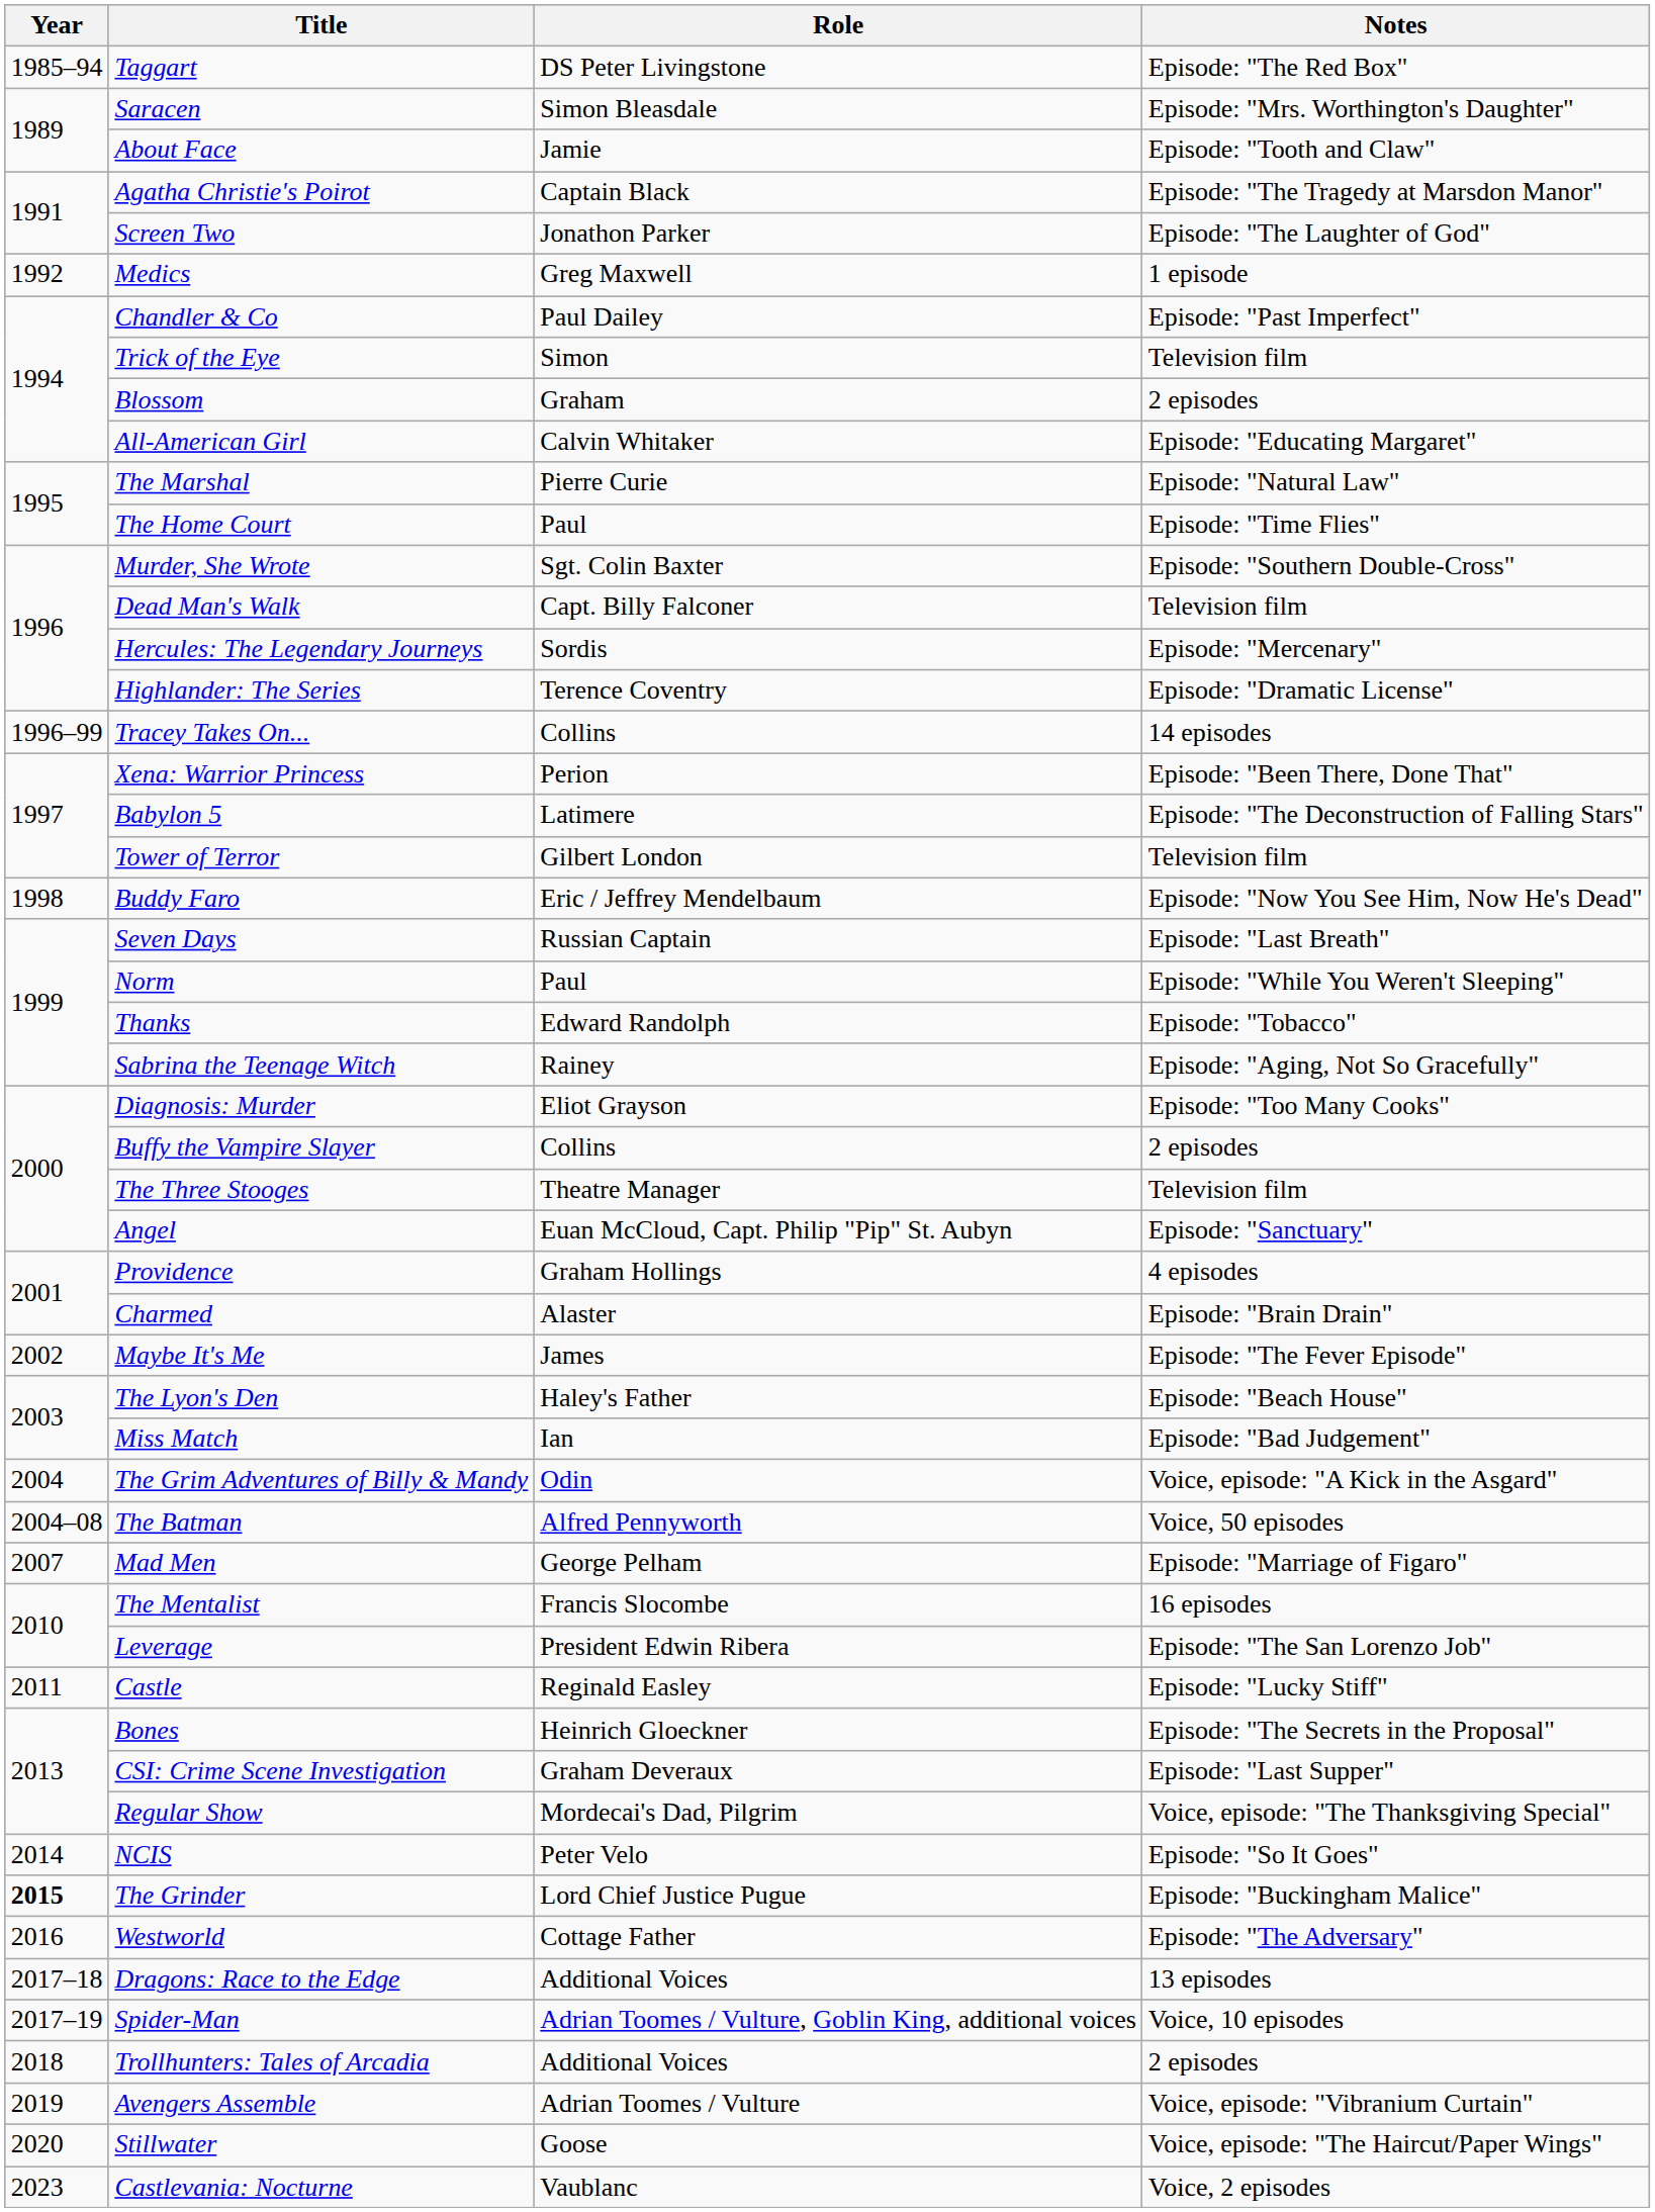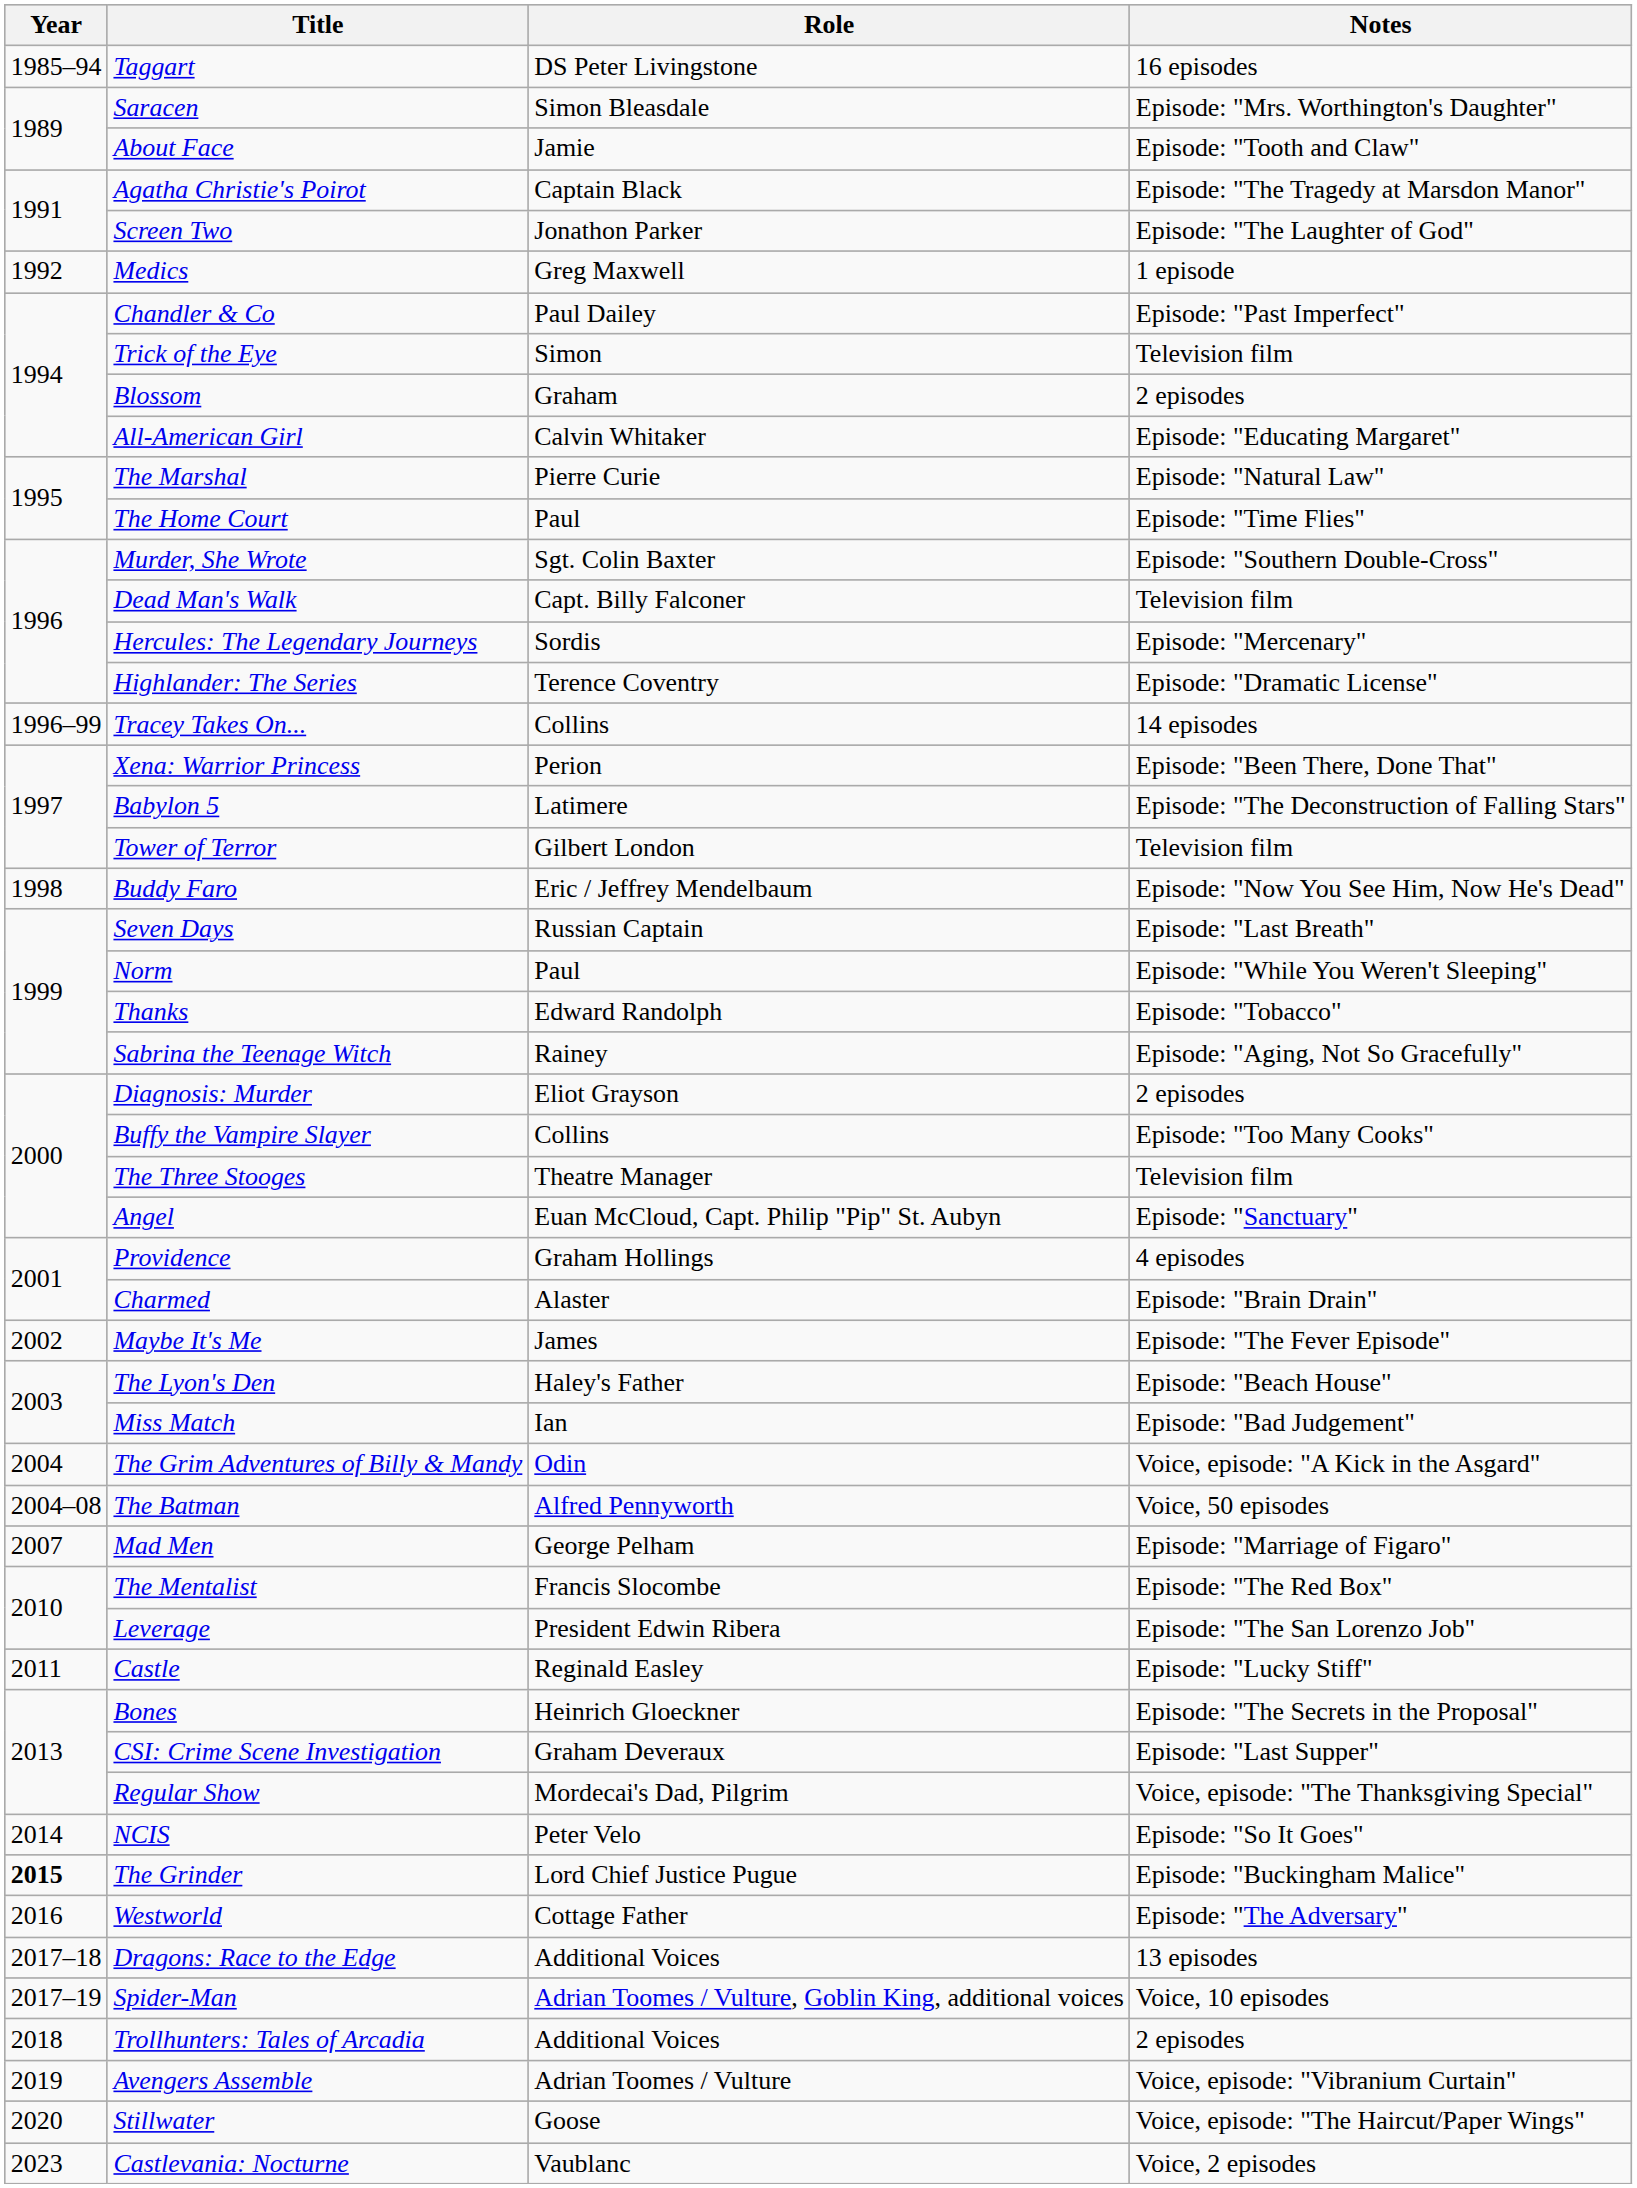 <table class="wikitable sortable">
 <tr>
 <th>Year</th>
 <th>Title</th>
 <th>Role</th>
 <th>Notes</th>
 </tr>
 <tr>
 <td>1985–94</td>
 <td><em><a href='#'>Taggart</a></em></td>
 <td>DS Peter Livingstone</td>
-<td>Episode: "The Red Box"</td>
+<td>16 episodes</td>
 </tr>
 <tr>
 <td rowspan="2">1989</td>
 <td><em><a href='#'>Saracen</a></em></td>
 <td>Simon Bleasdale</td>
 <td>Episode: "Mrs. Worthington's Daughter"</td>
 </tr>
 <tr>
 <td><em><a href='#'>About Face</a></em></td>
 <td>Jamie</td>
 <td>Episode: "Tooth and Claw"</td>
 </tr>
 <tr>
 <td rowspan="2">1991</td>
 <td><em><a href='#'>Agatha Christie's Poirot</a></em></td>
 <td>Captain Black</td>
 <td>Episode: "The Tragedy at Marsdon Manor"</td>
 </tr>
 <tr>
 <td><em><a href='#'>Screen Two</a></em></td>
 <td>Jonathon Parker</td>
 <td>Episode: "The Laughter of God"</td>
 </tr>
 <tr>
 <td>1992</td>
 <td><em><a href='#'>Medics</a></em></td>
 <td>Greg Maxwell</td>
 <td>1 episode</td>
 </tr>
 <tr>
 <td rowspan="4">1994</td>
 <td><em><a href='#'>Chandler & Co</a></em></td>
 <td>Paul Dailey</td>
 <td>Episode: "Past Imperfect"</td>
 </tr>
 <tr>
 <td><em><a href='#'>Trick of the Eye</a></em></td>
 <td>Simon</td>
 <td>Television film</td>
 </tr>
 <tr>
 <td><em><a href='#'>Blossom</a></em></td>
 <td>Graham</td>
 <td>2 episodes</td>
 </tr>
 <tr>
 <td><em><a href='#'>All-American Girl</a></em></td>
 <td>Calvin Whitaker</td>
 <td>Episode: "Educating Margaret"</td>
 </tr>
 <tr>
 <td rowspan="2">1995</td>
 <td><em><a href='#'>The Marshal</a></em></td>
 <td>Pierre Curie</td>
 <td>Episode: "Natural Law"</td>
 </tr>
 <tr>
 <td><em><a href='#'>The Home Court</a></em></td>
 <td>Paul</td>
 <td>Episode: "Time Flies"</td>
 </tr>
 <tr>
 <td rowspan="4">1996</td>
 <td><em><a href='#'>Murder, She Wrote</a></em></td>
 <td>Sgt. Colin Baxter</td>
 <td>Episode: "Southern Double-Cross"</td>
 </tr>
 <tr>
 <td><em><a href='#'>Dead Man's Walk</a></em></td>
 <td>Capt. Billy Falconer</td>
 <td>Television film</td>
 </tr>
 <tr>
 <td><em><a href='#'>Hercules: The Legendary Journeys</a></em></td>
 <td>Sordis</td>
 <td>Episode: "Mercenary"</td>
 </tr>
 <tr>
 <td><em><a href='#'>Highlander: The Series</a></em></td>
 <td>Terence Coventry</td>
 <td>Episode: "Dramatic License"</td>
 </tr>
 <tr>
 <td>1996–99</td>
 <td><em><a href='#'>Tracey Takes On...</a></em></td>
 <td>Collins</td>
 <td>14 episodes</td>
 </tr>
 <tr>
 <td rowspan="3">1997</td>
 <td><em><a href='#'>Xena: Warrior Princess</a></em></td>
 <td>Perion</td>
 <td>Episode: "Been There, Done That"</td>
 </tr>
 <tr>
 <td><em><a href='#'>Babylon 5</a></em></td>
 <td>Latimere</td>
 <td>Episode: "The Deconstruction of Falling Stars"</td>
 </tr>
 <tr>
 <td><em><a href='#'>Tower of Terror</a></em></td>
 <td>Gilbert London</td>
 <td>Television film</td>
 </tr>
 <tr>
 <td>1998</td>
 <td><em><a href='#'>Buddy Faro</a></em></td>
 <td>Eric / Jeffrey Mendelbaum</td>
 <td>Episode: "Now You See Him, Now He's Dead"</td>
 </tr>
 <tr>
 <td rowspan="4">1999</td>
 <td><em><a href='#'>Seven Days</a></em></td>
 <td>Russian Captain</td>
 <td>Episode: "Last Breath"</td>
 </tr>
 <tr>
 <td><em><a href='#'>Norm</a></em></td>
 <td>Paul</td>
 <td>Episode: "While You Weren't Sleeping"</td>
 </tr>
 <tr>
 <td><em><a href='#'>Thanks</a></em></td>
 <td>Edward Randolph</td>
 <td>Episode: "Tobacco"</td>
 </tr>
 <tr>
 <td><em><a href='#'>Sabrina the Teenage Witch</a></em></td>
 <td>Rainey</td>
 <td>Episode: "Aging, Not So Gracefully"</td>
 </tr>
 <tr>
 <td rowspan="4">2000</td>
 <td><em><a href='#'>Diagnosis: Murder</a></em></td>
 <td>Eliot Grayson</td>
-<td>Episode: "Too Many Cooks"</td>
+<td>2 episodes</td>
 </tr>
 <tr>
 <td><em><a href='#'>Buffy the Vampire Slayer</a></em></td>
 <td>Collins</td>
-<td>2 episodes</td>
+<td>Episode: "Too Many Cooks"</td>
 </tr>
 <tr>
 <td><em><a href='#'>The Three Stooges</a></em></td>
 <td>Theatre Manager</td>
 <td>Television film</td>
 </tr>
 <tr>
 <td><em><a href='#'>Angel</a></em></td>
 <td>Euan McCloud, Capt. Philip "Pip" St. Aubyn</td>
 <td>Episode: "<a href='#'>Sanctuary</a>"</td>
 </tr>
 <tr>
 <td rowspan="2">2001</td>
 <td><em><a href='#'>Providence</a></em></td>
 <td>Graham Hollings</td>
 <td>4 episodes</td>
 </tr>
 <tr>
 <td><em><a href='#'>Charmed</a></em></td>
 <td>Alaster</td>
 <td>Episode: "Brain Drain"</td>
 </tr>
 <tr>
 <td>2002</td>
 <td><em><a href='#'>Maybe It's Me</a></em></td>
 <td>James</td>
 <td>Episode: "The Fever Episode"</td>
 </tr>
 <tr>
 <td rowspan="2">2003</td>
 <td><em><a href='#'>The Lyon's Den</a></em></td>
 <td>Haley's Father</td>
 <td>Episode: "Beach House"</td>
 </tr>
 <tr>
 <td><em><a href='#'>Miss Match</a></em></td>
 <td>Ian</td>
 <td>Episode: "Bad Judgement"</td>
 </tr>
 <tr>
 <td>2004</td>
 <td><em><a href='#'>The Grim Adventures of Billy & Mandy</a></em></td>
 <td><a href='#'>Odin</a></td>
 <td>Voice, episode: "A Kick in the Asgard"</td>
 </tr>
 <tr>
 <td>2004–08</td>
 <td><em><a href='#'>The Batman</a></em></td>
 <td><a href='#'>Alfred Pennyworth</a></td>
 <td>Voice, 50 episodes</td>
 </tr>
 <tr>
 <td>2007</td>
 <td><em><a href='#'>Mad Men</a></em></td>
 <td>George Pelham</td>
 <td>Episode: "Marriage of Figaro"</td>
 </tr>
 <tr>
 <td rowspan="2">2010</td>
 <td><em><a href='#'>The Mentalist</a></em></td>
 <td>Francis Slocombe</td>
-<td>16 episodes</td>
+<td>Episode: "The Red Box"</td>
 </tr>
 <tr>
 <td><em><a href='#'>Leverage</a></em></td>
 <td>President Edwin Ribera</td>
 <td>Episode: "The San Lorenzo Job"</td>
 </tr>
 <tr>
 <td>2011</td>
 <td><em><a href='#'>Castle</a></em></td>
 <td>Reginald Easley</td>
 <td>Episode: "Lucky Stiff"</td>
 </tr>
 <tr>
 <td rowspan="3">2013</td>
 <td><em><a href='#'>Bones</a></em></td>
 <td>Heinrich Gloeckner</td>
 <td>Episode: "The Secrets in the Proposal"</td>
 </tr>
 <tr>
 <td><em><a href='#'>CSI: Crime Scene Investigation</a></em></td>
 <td>Graham Deveraux</td>
 <td>Episode: "Last Supper"</td>
 </tr>
 <tr>
 <td><em><a href='#'>Regular Show</a></em></td>
 <td>Mordecai's Dad, Pilgrim</td>
 <td>Voice, episode: "The Thanksgiving Special"</td>
 </tr>
 <tr>
 <td>2014</td>
 <td><em><a href='#'>NCIS</a></em></td>
 <td>Peter Velo</td>
 <td>Episode: "So It Goes"</td>
 </tr>
 <tr>
 <td><strong>2015</strong></td>
 <td><em><a href='#'>The Grinder</a></em></td>
 <td>Lord Chief Justice Pugue</td>
 <td>Episode: "Buckingham Malice"</td>
 </tr>
 <tr>
 <td>2016</td>
 <td><em><a href='#'>Westworld</a></em></td>
 <td>Cottage Father</td>
 <td>Episode: "<a href='#'>The Adversary</a>"</td>
 </tr>
 <tr>
 <td>2017–18</td>
 <td><em><a href='#'>Dragons: Race to the Edge</a></em></td>
 <td>Additional Voices</td>
 <td>13 episodes</td>
 </tr>
 <tr>
 <td>2017–19</td>
 <td><em><a href='#'>Spider-Man</a></em></td>
 <td><a href='#'>Adrian Toomes / Vulture</a>, <a href='#'>Goblin King</a>, additional voices</td>
 <td>Voice, 10 episodes</td>
 </tr>
 <tr>
 <td>2018</td>
 <td><em><a href='#'>Trollhunters: Tales of Arcadia</a></em></td>
 <td>Additional Voices</td>
 <td>2 episodes</td>
 </tr>
 <tr>
 <td>2019</td>
 <td><em><a href='#'>Avengers Assemble</a></em></td>
 <td>Adrian Toomes / Vulture</td>
 <td>Voice, episode: "Vibranium Curtain"</td>
 </tr>
 <tr>
 <td>2020</td>
 <td><em><a href='#'>Stillwater</a></em></td>
 <td>Goose</td>
 <td>Voice, episode: "The Haircut/Paper Wings"</td>
 </tr>
 <tr>
 <td>2023</td>
 <td><em><a href='#'>Castlevania: Nocturne</a></em></td>
 <td>Vaublanc</td>
 <td>Voice, 2 episodes</td>
 </tr>
 </table>
